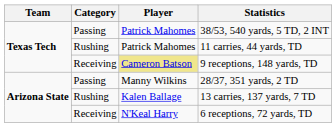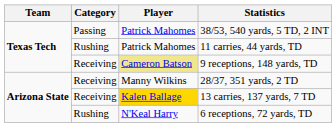 <table class="wikitable" style="float: right;">
 <tr>
 <th>Team</th>
 <th>Category</th>
 <th>Player</th>
 <th>Statistics</th>
 </tr>
 <tr>
 <td rowspan=3><strong>Texas Tech</strong></td>
 <td>Passing</td>
 <td><a href='#'>Patrick Mahomes</a></td>
 <td>38/53, 540 yards, 5 TD, 2 INT</td>
 </tr>
 <tr>
 <td>Rushing</td>
 <td>Patrick Mahomes</td>
 <td>11 carries, 44 yards, TD</td>
 </tr>
 <tr>
 <td>Receiving</td>
 <td style="background: khaki;"><a href='#'>Cameron Batson</a></td>
 <td>9 receptions, 148 yards, TD</td>
 </tr>
 <tr>
 <td rowspan=3><strong>Arizona State</strong></td>
-<td>Passing</td>
+<td>Receiving</td>
 <td>Manny Wilkins</td>
 <td>28/37, 351 yards, 2 TD</td>
 </tr>
 <tr>
-<td>Rushing</td>
-<td><a href='#'>Kalen Ballage</a></td>
+<td>Receiving</td>
+<td style="background: gold;"><a href='#'>Kalen Ballage</a></td>
 <td>13 carries, 137 yards, 7 TD</td>
 </tr>
 <tr>
-<td>Receiving</td>
+<td>Rushing</td>
 <td><a href='#'>N'Keal Harry</a></td>
 <td>6 receptions, 72 yards, TD</td>
 </tr>
 </table>
